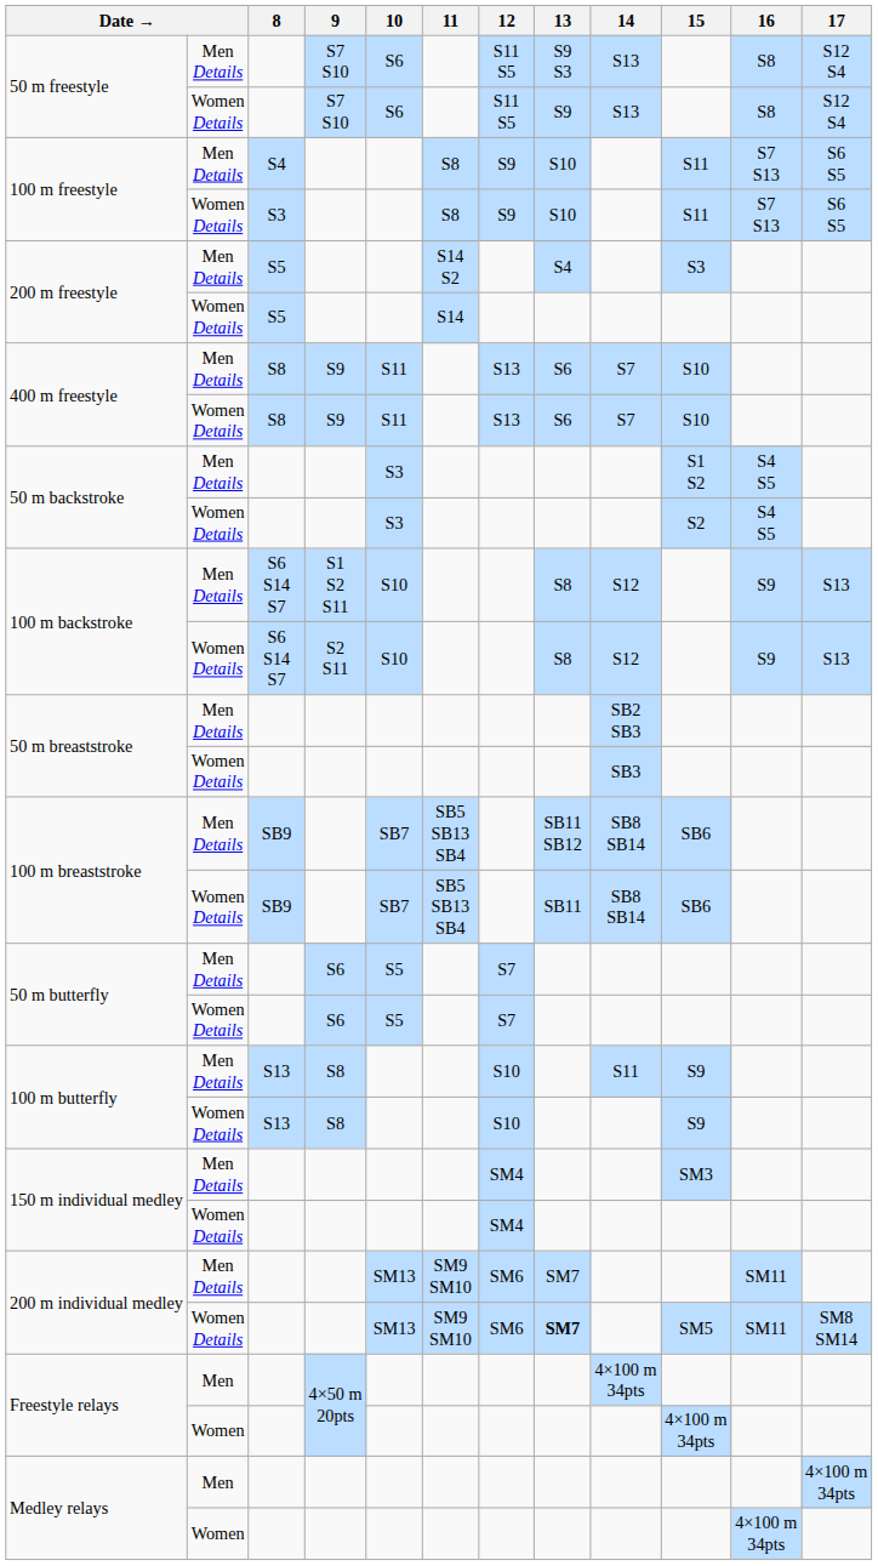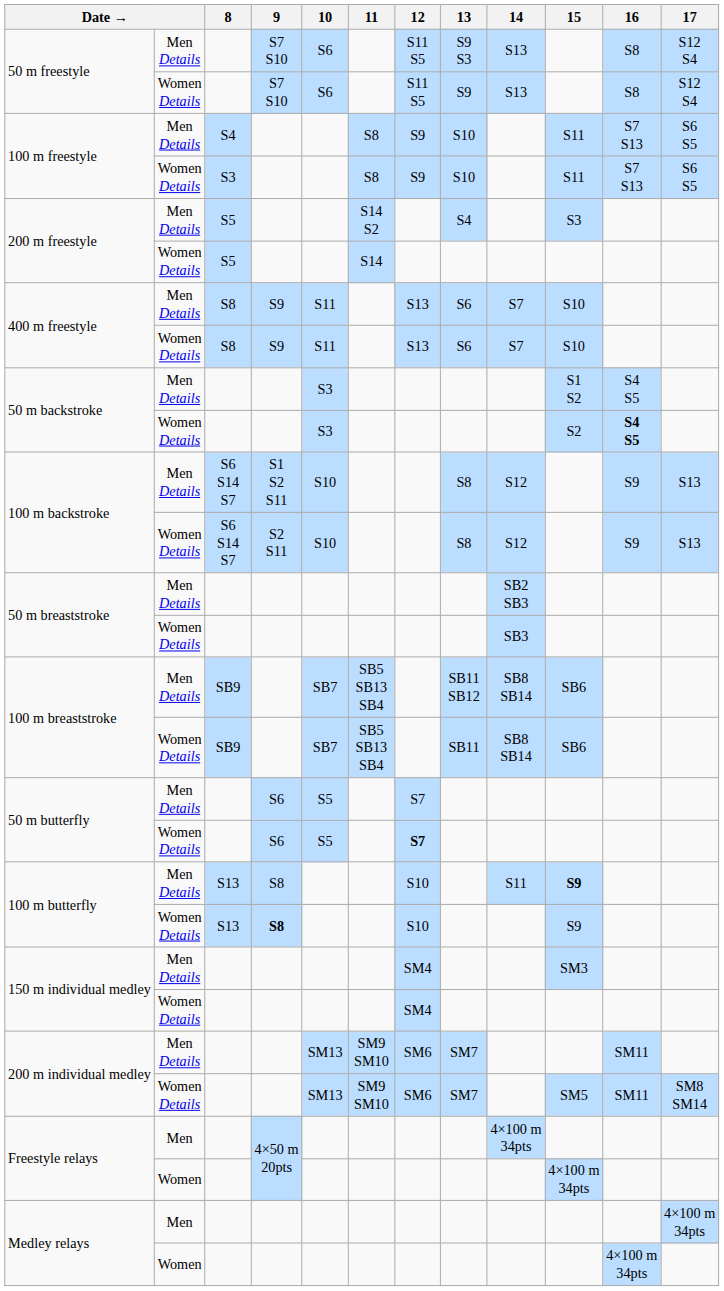 <table class="wikitable" style="margin:0.5em auto; font-size:90%; line-height:1.25em;">
 <tr align="center">
 <th colspan="2">Date →</th>
 <th width="40px">8</th>
 <th width="40px">9</th>
 <th width="40px">10</th>
 <th width="40px">11</th>
 <th width="40px">12</th>
 <th width="40px">13</th>
 <th width="40px">14</th>
 <th width="40px">15</th>
 <th width="40px">16</th>
 <th width="40px">17</th>
 </tr>
 <tr style="text-align:center;">
 <td style="text-align:left;" rowspan="2">50 m freestyle</td>
 <td>Men<br><em><a href='#'>Details</a></em></td>
 <td></td>
 <td bgcolor=#bbddff>S7<br>S10</td>
 <td bgcolor=#bbddff>S6</td>
 <td></td>
 <td bgcolor=#bbddff>S11<br>S5</td>
 <td bgcolor=#bbddff>S9<br>S3</td>
 <td bgcolor=#bbddff>S13</td>
 <td></td>
 <td bgcolor=#bbddff>S8</td>
 <td bgcolor=#bbddff>S12<br>S4</td>
 </tr>
 <tr style="text-align:center;">
 <td>Women<br><em><a href='#'>Details</a></em></td>
 <td></td>
 <td bgcolor=#bbddff>S7<br>S10</td>
 <td bgcolor=#bbddff>S6</td>
 <td></td>
 <td bgcolor=#bbddff>S11<br>S5</td>
 <td bgcolor=#bbddff>S9</td>
 <td bgcolor=#bbddff>S13</td>
 <td></td>
 <td bgcolor=#bbddff>S8</td>
 <td bgcolor=#bbddff>S12<br>S4</td>
 </tr>
 <tr style="text-align:center;">
 <td style="text-align:left;" rowspan="2">100 m freestyle</td>
 <td>Men<br><em><a href='#'>Details</a></em></td>
 <td bgcolor=#bbddff>S4</td>
 <td></td>
 <td></td>
 <td bgcolor=#bbddff>S8</td>
 <td bgcolor=#bbddff>S9</td>
 <td bgcolor=#bbddff>S10</td>
 <td></td>
 <td bgcolor=#bbddff>S11</td>
 <td bgcolor=#bbddff>S7<br>S13</td>
 <td bgcolor=#bbddff>S6<br>S5</td>
 </tr>
 <tr style="text-align:center;">
 <td>Women<br><em><a href='#'>Details</a></em></td>
 <td bgcolor=#bbddff>S3</td>
 <td></td>
 <td></td>
 <td bgcolor=#bbddff>S8</td>
 <td bgcolor=#bbddff>S9</td>
 <td bgcolor=#bbddff>S10</td>
 <td></td>
 <td bgcolor=#bbddff>S11</td>
 <td bgcolor=#bbddff>S7<br>S13</td>
 <td bgcolor=#bbddff>S6<br>S5</td>
 </tr>
 <tr style="text-align:center;">
 <td style="text-align:left;" rowspan="2">200 m freestyle</td>
 <td>Men<br><em><a href='#'>Details</a></em></td>
 <td bgcolor=#bbddff>S5</td>
 <td></td>
 <td></td>
 <td bgcolor=#bbddff>S14<br>S2</td>
 <td></td>
 <td bgcolor=#bbddff>S4</td>
 <td></td>
 <td bgcolor=#bbddff>S3</td>
 <td></td>
 <td></td>
 </tr>
 <tr style="text-align:center;">
 <td>Women<br><em><a href='#'>Details</a></em></td>
 <td bgcolor=#bbddff>S5</td>
 <td></td>
 <td></td>
 <td bgcolor=#bbddff>S14</td>
 <td></td>
 <td></td>
 <td></td>
 <td></td>
 <td></td>
 <td></td>
 </tr>
 <tr style="text-align:center;">
 <td style="text-align:left;" rowspan="2">400 m freestyle</td>
 <td>Men<br><em><a href='#'>Details</a></em></td>
 <td bgcolor=#bbddff>S8</td>
 <td bgcolor=#bbddff>S9</td>
 <td bgcolor=#bbddff>S11</td>
 <td></td>
 <td bgcolor=#bbddff>S13</td>
 <td bgcolor=#bbddff>S6</td>
 <td bgcolor=#bbddff>S7</td>
 <td bgcolor=#bbddff>S10</td>
 <td></td>
 <td></td>
 </tr>
 <tr style="text-align:center;">
 <td>Women<br><em><a href='#'>Details</a></em></td>
 <td bgcolor=#bbddff>S8</td>
 <td bgcolor=#bbddff>S9</td>
 <td bgcolor=#bbddff>S11</td>
 <td></td>
 <td bgcolor=#bbddff>S13</td>
 <td bgcolor=#bbddff>S6</td>
 <td bgcolor=#bbddff>S7</td>
 <td bgcolor=#bbddff>S10</td>
 <td></td>
 <td></td>
 </tr>
 <tr style="text-align:center;">
 <td style="text-align:left;" rowspan="2">50 m backstroke</td>
 <td>Men<br><em><a href='#'>Details</a></em></td>
 <td></td>
 <td></td>
 <td bgcolor=#bbddff>S3</td>
 <td></td>
 <td></td>
 <td></td>
 <td></td>
 <td bgcolor=#bbddff>S1<br>S2</td>
 <td bgcolor=#bbddff>S4<br>S5</td>
 <td></td>
 </tr>
 <tr style="text-align:center;">
 <td>Women<br><em><a href='#'>Details</a></em></td>
 <td></td>
 <td></td>
 <td bgcolor=#bbddff>S3</td>
 <td></td>
 <td></td>
 <td></td>
 <td></td>
 <td bgcolor=#bbddff>S2</td>
-<td bgcolor=#bbddff>S4<br>S5</td>
+<td bgcolor=#bbddff><strong>S4<br>S5</strong></td>
 <td></td>
 </tr>
 <tr style="text-align:center;">
 <td style="text-align:left;" rowspan="2">100 m backstroke</td>
 <td>Men<br><em><a href='#'>Details</a></em></td>
 <td bgcolor=#bbddff>S6<br>S14<br>S7</td>
 <td bgcolor=#bbddff>S1<br>S2<br>S11</td>
 <td bgcolor=#bbddff>S10</td>
 <td></td>
 <td></td>
 <td bgcolor=#bbddff>S8</td>
 <td bgcolor=#bbddff>S12</td>
 <td></td>
 <td bgcolor=#bbddff>S9</td>
 <td bgcolor=#bbddff>S13</td>
 </tr>
 <tr style="text-align:center;">
 <td>Women<br><em><a href='#'>Details</a></em></td>
 <td bgcolor=#bbddff>S6<br>S14<br>S7</td>
 <td bgcolor=#bbddff>S2<br>S11</td>
 <td bgcolor=#bbddff>S10</td>
 <td></td>
 <td></td>
 <td bgcolor=#bbddff>S8</td>
 <td bgcolor=#bbddff>S12</td>
 <td></td>
 <td bgcolor=#bbddff>S9</td>
 <td bgcolor=#bbddff>S13</td>
 </tr>
 <tr style="text-align:center;">
 <td style="text-align:left;" rowspan="2">50 m breaststroke</td>
 <td>Men<br><em><a href='#'>Details</a></em></td>
 <td></td>
 <td></td>
 <td></td>
 <td></td>
 <td></td>
 <td></td>
 <td bgcolor=#bbddff>SB2<br>SB3</td>
 <td></td>
 <td></td>
 <td></td>
 </tr>
 <tr style="text-align:center;">
 <td>Women<br><em><a href='#'>Details</a></em></td>
 <td></td>
 <td></td>
 <td></td>
 <td></td>
 <td></td>
 <td></td>
 <td bgcolor=#bbddff>SB3</td>
 <td></td>
 <td></td>
 <td></td>
 </tr>
 <tr style="text-align:center;">
 <td style="text-align:left;" rowspan="2">100 m breaststroke</td>
 <td>Men<br><em><a href='#'>Details</a></em></td>
 <td bgcolor=#bbddff>SB9</td>
 <td></td>
 <td bgcolor=#bbddff>SB7</td>
 <td bgcolor=#bbddff>SB5<br>SB13<br>SB4</td>
 <td></td>
 <td bgcolor=#bbddff>SB11<br>SB12</td>
 <td bgcolor=#bbddff>SB8<br>SB14</td>
 <td bgcolor=#bbddff>SB6</td>
 <td></td>
 <td></td>
 </tr>
 <tr style="text-align:center;">
 <td>Women<br><em><a href='#'>Details</a></em></td>
 <td bgcolor=#bbddff>SB9</td>
 <td></td>
 <td bgcolor=#bbddff>SB7</td>
 <td bgcolor=#bbddff>SB5<br>SB13<br>SB4</td>
 <td></td>
 <td bgcolor=#bbddff>SB11</td>
 <td bgcolor=#bbddff>SB8<br>SB14</td>
 <td bgcolor=#bbddff>SB6</td>
 <td></td>
 <td></td>
 </tr>
 <tr style="text-align:center;">
 <td style="text-align:left;" rowspan="2">50 m butterfly</td>
 <td>Men<br><em><a href='#'>Details</a></em></td>
 <td></td>
 <td bgcolor=#bbddff>S6</td>
 <td bgcolor=#bbddff>S5</td>
 <td></td>
 <td bgcolor=#bbddff>S7</td>
 <td></td>
 <td></td>
 <td></td>
 <td></td>
 <td></td>
 </tr>
 <tr style="text-align:center;">
 <td>Women<br><em><a href='#'>Details</a></em></td>
 <td></td>
 <td bgcolor=#bbddff>S6</td>
 <td bgcolor=#bbddff>S5</td>
 <td></td>
-<td bgcolor=#bbddff>S7</td>
+<td bgcolor=#bbddff><strong>S7</strong></td>
 <td></td>
 <td></td>
 <td></td>
 <td></td>
 <td></td>
 </tr>
 <tr style="text-align:center;">
 <td style="text-align:left;" rowspan="2">100 m butterfly</td>
 <td>Men<br><em><a href='#'>Details</a></em></td>
 <td bgcolor=#bbddff>S13</td>
 <td bgcolor=#bbddff>S8</td>
 <td></td>
 <td></td>
 <td bgcolor=#bbddff>S10</td>
 <td></td>
 <td bgcolor=#bbddff>S11</td>
-<td bgcolor=#bbddff>S9</td>
+<td bgcolor=#bbddff><strong>S9</strong></td>
 <td></td>
 <td></td>
 </tr>
 <tr style="text-align:center;">
 <td>Women<br><em><a href='#'>Details</a></em></td>
 <td bgcolor=#bbddff>S13</td>
-<td bgcolor=#bbddff>S8</td>
+<td bgcolor=#bbddff><strong>S8</strong></td>
 <td></td>
 <td></td>
 <td bgcolor=#bbddff>S10</td>
 <td></td>
 <td></td>
 <td bgcolor=#bbddff>S9</td>
 <td></td>
 <td></td>
 </tr>
 <tr style="text-align:center;">
 <td style="text-align:left;" rowspan="2">150 m individual medley</td>
 <td>Men<br><em><a href='#'>Details</a></em></td>
 <td></td>
 <td></td>
 <td></td>
 <td></td>
 <td bgcolor=#bbddff>SM4</td>
 <td></td>
 <td></td>
 <td bgcolor=#bbddff>SM3</td>
 <td></td>
 <td></td>
 </tr>
 <tr style="text-align:center;">
 <td>Women<br><em><a href='#'>Details</a></em></td>
 <td></td>
 <td></td>
 <td></td>
 <td></td>
 <td bgcolor=#bbddff>SM4</td>
 <td></td>
 <td></td>
 <td></td>
 <td></td>
 <td></td>
 </tr>
 <tr style="text-align:center;">
 <td style="text-align:left;" rowspan="2">200 m individual medley</td>
 <td>Men<br><em><a href='#'>Details</a></em></td>
 <td></td>
 <td></td>
 <td bgcolor=#bbddff>SM13</td>
 <td bgcolor=#bbddff>SM9<br>SM10</td>
 <td bgcolor=#bbddff>SM6</td>
 <td bgcolor=#bbddff>SM7</td>
 <td></td>
 <td></td>
 <td bgcolor=#bbddff>SM11</td>
 <td></td>
 </tr>
 <tr style="text-align:center;">
 <td>Women<br><em><a href='#'>Details</a></em></td>
 <td></td>
 <td></td>
 <td bgcolor=#bbddff>SM13</td>
 <td bgcolor=#bbddff>SM9<br>SM10</td>
 <td bgcolor=#bbddff>SM6</td>
-<td bgcolor=#bbddff><strong>SM7</strong></td>
+<td bgcolor=#bbddff>SM7</td>
 <td></td>
 <td bgcolor=#bbddff>SM5</td>
 <td bgcolor=#bbddff>SM11</td>
 <td bgcolor=#bbddff>SM8<br>SM14</td>
 </tr>
 <tr style="text-align:center;">
 <td style="text-align:left;" rowspan="2">Freestyle relays</td>
 <td>Men</td>
 <td></td>
 <td rowspan=2 bgcolor=#bbddff>4×50 m 20pts</td>
 <td></td>
 <td></td>
 <td></td>
 <td></td>
 <td bgcolor=#bbddff>4×100 m 34pts</td>
 <td></td>
 <td></td>
 <td></td>
 </tr>
 <tr style="text-align:center;">
 <td>Women</td>
 <td></td>
 <td></td>
 <td></td>
 <td></td>
 <td></td>
 <td></td>
 <td bgcolor=#bbddff>4×100 m 34pts</td>
 <td></td>
 <td></td>
 </tr>
 <tr style="text-align:center;">
 <td style="text-align:left;" rowspan="2">Medley relays</td>
 <td>Men</td>
 <td></td>
 <td></td>
 <td></td>
 <td></td>
 <td></td>
 <td></td>
 <td></td>
 <td></td>
 <td></td>
 <td bgcolor=#bbddff>4×100 m 34pts</td>
 </tr>
 <tr style="text-align:center;">
 <td>Women</td>
 <td></td>
 <td></td>
 <td></td>
 <td></td>
 <td></td>
 <td></td>
 <td></td>
 <td></td>
 <td bgcolor=#bbddff>4×100 m 34pts</td>
 <td></td>
 </tr>
 </table>
